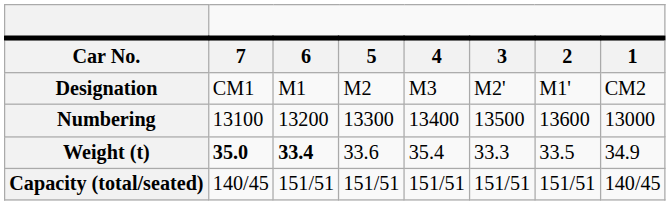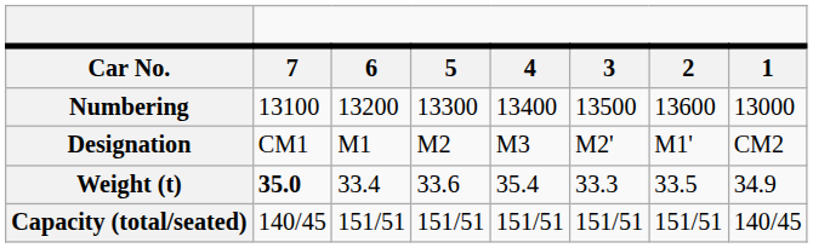 <table class="wikitable">
 <tr style="border-bottom: 4px solid ">
 <th> </th>
 <td colspan=7></td>
 </tr>
 <tr>
 <th>Car No.</th>
 <th>7</th>
 <th>6</th>
 <th>5</th>
 <th>4</th>
 <th>3</th>
 <th>2</th>
 <th>1</th>
 </tr>
 <tr>
+<th>Numbering</th>
+<td>13100</td>
+<td>13200</td>
+<td>13300</td>
+<td>13400</td>
+<td>13500</td>
+<td>13600</td>
+<td>13000</td>
+</tr>
+<tr>
 <th>Designation</th>
 <td>CM1</td>
 <td>M1</td>
 <td>M2</td>
 <td>M3</td>
 <td>M2'</td>
 <td>M1'</td>
 <td>CM2</td>
 </tr>
 <tr>
-<th>Numbering</th>
-<td>13100</td>
-<td>13200</td>
-<td>13300</td>
-<td>13400</td>
-<td>13500</td>
-<td>13600</td>
-<td>13000</td>
-</tr>
-<tr>
 <th>Weight (t)</th>
 <td><strong>35.0</strong></td>
-<td><strong>33.4</strong></td>
+<td>33.4</td>
 <td>33.6</td>
 <td>35.4</td>
 <td>33.3</td>
 <td>33.5</td>
 <td>34.9</td>
 </tr>
 <tr>
 <th>Capacity (total/seated)</th>
 <td>140/45</td>
 <td>151/51</td>
 <td>151/51</td>
 <td>151/51</td>
 <td>151/51</td>
 <td>151/51</td>
 <td>140/45</td>
 </tr>
 </table>
